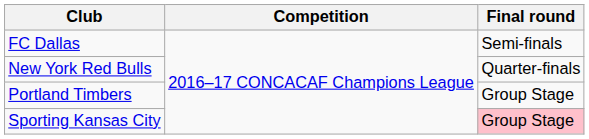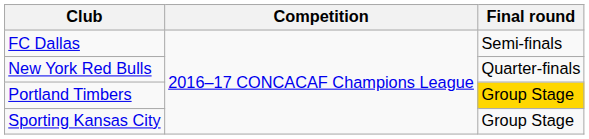 <table class="wikitable">
 <tr>
 <th>Club</th>
 <th>Competition</th>
 <th>Final round</th>
 </tr>
 <tr>
 <td><a href='#'>FC Dallas</a></td>
 <td rowspan=4><a href='#'>2016–17 CONCACAF Champions League</a></td>
 <td>Semi-finals</td>
 </tr>
 <tr>
 <td><a href='#'>New York Red Bulls</a></td>
 <td>Quarter-finals</td>
 </tr>
 <tr>
 <td><a href='#'>Portland Timbers</a></td>
-<td>Group Stage</td>
+<td style="background: gold;">Group Stage</td>
 </tr>
 <tr>
 <td><a href='#'>Sporting Kansas City</a></td>
-<td style="background: pink;">Group Stage</td>
+<td>Group Stage</td>
 </tr>
 </table>
